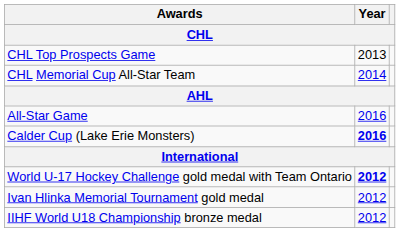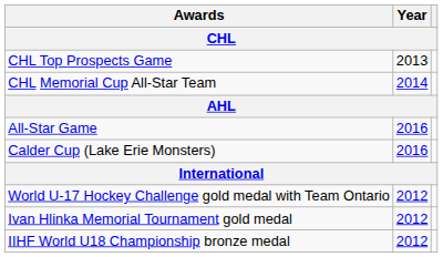 <table class="wikitable">
 <tr>
 <th>Awards</th>
 <th>Year</th>
 <th></th>
 </tr>
 <tr>
 <th colspan="3"><a href='#'>CHL</a></th>
 </tr>
 <tr>
 <td><a href='#'>CHL Top Prospects Game</a></td>
 <td>2013</td>
 <td></td>
 </tr>
 <tr>
 <td><a href='#'>CHL</a> <a href='#'>Memorial Cup</a> All-Star Team</td>
 <td><a href='#'>2014</a></td>
 <td></td>
 </tr>
 <tr>
 <th colspan="3"><a href='#'>AHL</a></th>
 </tr>
 <tr>
 <td><a href='#'>All-Star Game</a></td>
 <td><a href='#'>2016</a></td>
 <td></td>
 </tr>
 <tr>
 <td><a href='#'>Calder Cup</a> (Lake Erie Monsters)</td>
-<td><strong><a href='#'>2016</a></strong></td>
+<td><a href='#'>2016</a></td>
 <td></td>
 </tr>
 <tr>
 <th colspan="3"><a href='#'>International</a></th>
 </tr>
 <tr>
 <td><a href='#'>World U-17 Hockey Challenge</a> gold medal with Team Ontario</td>
-<td><strong><a href='#'>2012</a></strong></td>
+<td><a href='#'>2012</a></td>
 <td></td>
 </tr>
 <tr>
 <td><a href='#'>Ivan Hlinka Memorial Tournament</a> gold medal</td>
 <td><a href='#'>2012</a></td>
 <td></td>
 </tr>
 <tr>
 <td><a href='#'>IIHF World U18 Championship</a> bronze medal</td>
 <td><a href='#'>2012</a></td>
 <td></td>
 </tr>
 </table>
